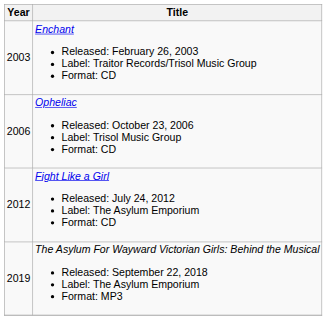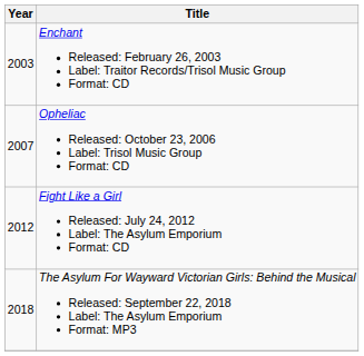 <table class="wikitable">
 <tr>
 <th>Year</th>
 <th>Title</th>
 </tr>
 <tr>
 <td>2003</td>
 <td><em><a href='#'>Enchant</a></em><br><ul><li>Released: February 26, 2003</li><li>Label: Traitor Records/Trisol Music Group</li><li>Format: CD</li></ul></td>
 </tr>
 <tr>
-<td>2006</td>
+<td>2007</td>
 <td><em><a href='#'>Opheliac</a></em><br><ul><li>Released: October 23, 2006</li><li>Label: Trisol Music Group</li><li>Format: CD</li></ul></td>
 </tr>
 <tr>
 <td>2012</td>
 <td><em><a href='#'>Fight Like a Girl</a></em><br><ul><li>Released: July 24, 2012</li><li>Label: The Asylum Emporium</li><li>Format: CD</li></ul></td>
 </tr>
 <tr>
-<td>2019</td>
+<td>2018</td>
 <td><em>The Asylum For Wayward Victorian Girls: Behind the Musical</em><br><ul><li>Released: September 22, 2018</li><li>Label: The Asylum Emporium</li><li>Format: MP3</li></ul></td>
 </tr>
 <tr>
 </tr>
 </table>
